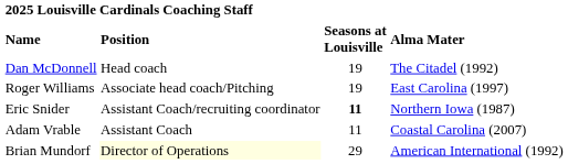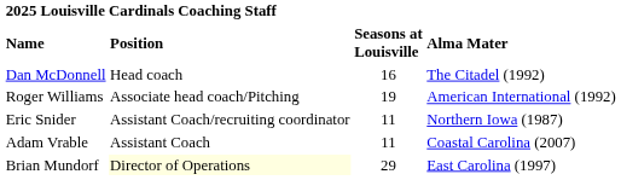 <table class="toccolours" style="text-align: left; font-size:90%;">
 <tr>
 <th colspan="9">2025 Louisville Cardinals Coaching Staff</th>
 </tr>
 <tr>
 <th>Name</th>
 <th>Position</th>
 <th>Seasons at<br>Louisville</th>
 <th>Alma Mater</th>
 </tr>
 <tr>
 <td><a href='#'>Dan McDonnell</a></td>
 <td>Head coach</td>
-<td align=center>19</td>
+<td align=center>16</td>
 <td><a href='#'>The Citadel</a> (1992)</td>
 </tr>
 <tr>
 <td>Roger Williams</td>
 <td>Associate head coach/Pitching</td>
 <td align=center>19</td>
-<td><a href='#'>East Carolina</a> (1997)</td>
+<td><a href='#'>American International</a> (1992)</td>
 </tr>
 <tr>
 <td>Eric Snider</td>
 <td>Assistant Coach/recruiting coordinator</td>
-<td align=center><strong>11</strong></td>
+<td align=center>11</td>
 <td><a href='#'>Northern Iowa</a> (1987)</td>
 </tr>
 <tr>
 <td>Adam Vrable</td>
 <td>Assistant Coach</td>
 <td align=center>11</td>
 <td><a href='#'>Coastal Carolina</a> (2007)</td>
 </tr>
 <tr>
 <td>Brian Mundorf</td>
 <td style="background: lightyellow;">Director of Operations</td>
 <td align=center>29</td>
-<td><a href='#'>American International</a> (1992)</td>
+<td><a href='#'>East Carolina</a> (1997)</td>
 </tr>
 </table>
